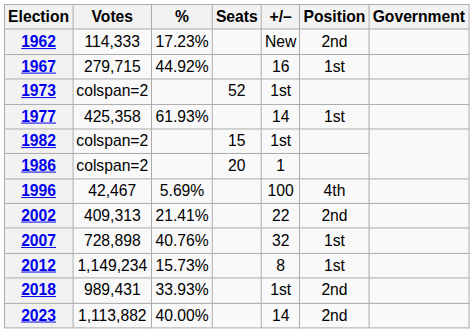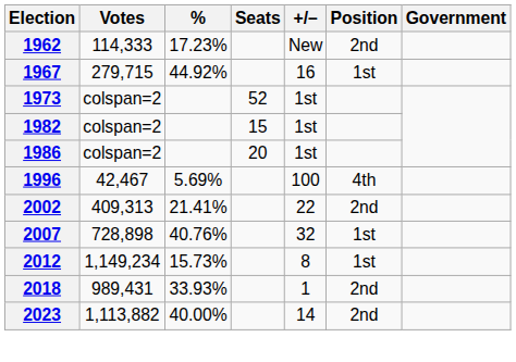 <table class="wikitable" style="text-align:center">
 <tr>
 <th>Election</th>
 <th>Votes</th>
 <th>%</th>
 <th>Seats</th>
 <th>+/–</th>
 <th>Position</th>
 <th>Government</th>
 </tr>
 <tr>
 <th><a href='#'>1962</a></th>
 <td>114,333</td>
 <td>17.23%</td>
 <td></td>
 <td>New</td>
 <td> 2nd</td>
 <td></td>
 </tr>
 <tr>
 <th><a href='#'>1967</a></th>
 <td>279,715</td>
 <td>44.92%</td>
 <td></td>
 <td> 16</td>
 <td> 1st</td>
 <td></td>
 </tr>
 <tr>
 <th><a href='#'>1973</a></th>
 <td>colspan=2 </td>
 <td></td>
 <td> 52</td>
 <td> 1st</td>
 <td></td>
 </tr>
 <tr>
-<th><a href='#'>1977</a></th>
-<td>425,358</td>
-<td>61.93%</td>
-<td></td>
-<td> 14</td>
-<td> 1st</td>
-<td></td>
-</tr>
-<tr>
 <th><a href='#'>1982</a></th>
 <td>colspan=2 </td>
 <td></td>
 <td> 15</td>
 <td> 1st</td>
 <td></td>
 </tr>
 <tr>
 <th><a href='#'>1986</a></th>
 <td>colspan=2 </td>
 <td></td>
 <td> 20</td>
-<td> 1</td>
+<td> 1st</td>
 <td></td>
 </tr>
 <tr>
 <th><a href='#'>1996</a></th>
 <td>42,467</td>
 <td>5.69%</td>
 <td></td>
 <td> 100</td>
 <td> 4th</td>
 <td></td>
 </tr>
 <tr>
 <th><a href='#'>2002</a></th>
 <td>409,313</td>
 <td>21.41%</td>
 <td></td>
 <td> 22</td>
 <td> 2nd</td>
 <td></td>
 </tr>
 <tr>
 <th><a href='#'>2007</a></th>
 <td>728,898</td>
 <td>40.76%</td>
 <td></td>
 <td> 32</td>
 <td> 1st</td>
 <td></td>
 </tr>
 <tr>
 <th><a href='#'>2012</a></th>
 <td>1,149,234</td>
 <td>15.73%</td>
 <td></td>
 <td> 8</td>
 <td> 1st</td>
 <td></td>
 </tr>
 <tr>
 <th><a href='#'>2018</a></th>
 <td>989,431</td>
 <td>33.93%</td>
 <td></td>
-<td> 1st</td>
+<td> 1</td>
 <td> 2nd</td>
 <td></td>
 </tr>
 <tr>
 <th><a href='#'>2023</a></th>
 <td>1,113,882</td>
 <td>40.00%</td>
 <td></td>
 <td> 14</td>
 <td> 2nd</td>
 <td></td>
 </tr>
 </table>
